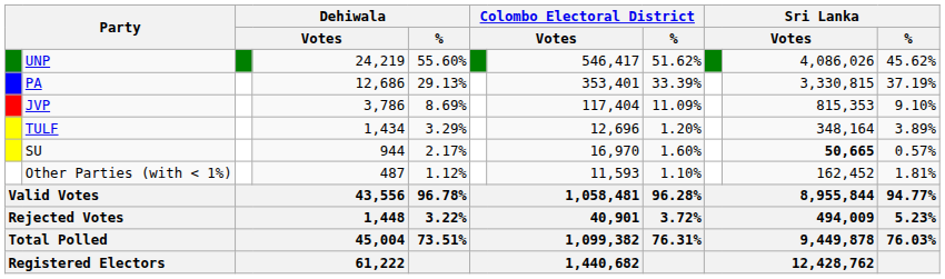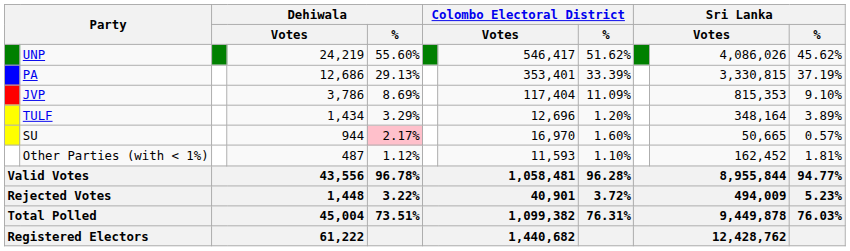 <table class="wikitable">
 <tr>
 <th colspan="2" width="144px"rowspan="2">Party</th>
 <th colspan="3" width="216px">Dehiwala</th>
 <th colspan="3" width="216px"><a href='#'>Colombo Electoral District</a></th>
 <th colspan="3" width="216px">Sri Lanka</th>
 </tr>
 <tr>
 <th colspan="2" width="144px">Votes</th>
 <th>%</th>
 <th colspan="2" width="144px">Votes</th>
 <th>%</th>
 <th colspan="2" width="144px">Votes</th>
 <th>%</th>
 </tr>
 <tr>
 <td style="background-color:green;" width="10px"></td>
 <td style="text-align:left;"><a href='#'>UNP</a></td>
 <td style="background-color:green;" width="10px"></td>
 <td style="text-align:right;">24,219</td>
 <td style="text-align:right;">55.60%</td>
 <td style="background-color:green;" width="10px"></td>
 <td style="text-align:right;">546,417</td>
 <td style="text-align:right;">51.62%</td>
 <td style="background-color:green;" width="10px"></td>
 <td style="text-align:right;">4,086,026</td>
 <td style="text-align:right;">45.62%</td>
 </tr>
 <tr>
 <td style="background-color:blue;" width="10px"></td>
 <td style="text-align:left;"><a href='#'>PA</a></td>
 <td style="background-color:white;" width="10px"></td>
 <td style="text-align:right;">12,686</td>
 <td style="text-align:right;">29.13%</td>
 <td style="background-color:white;" width="10px"></td>
 <td style="text-align:right;">353,401</td>
 <td style="text-align:right;">33.39%</td>
 <td style="background-color:white;" width="10px"></td>
 <td style="text-align:right;">3,330,815</td>
 <td style="text-align:right;">37.19%</td>
 </tr>
 <tr>
 <td style="background-color:red;" width="10px"></td>
 <td style="text-align:left;"><a href='#'>JVP</a></td>
 <td style="background-color:white;" width="10px"></td>
 <td style="text-align:right;">3,786</td>
 <td style="text-align:right;">8.69%</td>
 <td style="background-color:white;" width="10px"></td>
 <td style="text-align:right;">117,404</td>
 <td style="text-align:right;">11.09%</td>
 <td style="background-color:white;" width="10px"></td>
 <td style="text-align:right;">815,353</td>
 <td style="text-align:right;">9.10%</td>
 </tr>
 <tr>
 <td style="background-color:yellow;" width="10px"></td>
 <td style="text-align:left;"><a href='#'>TULF</a></td>
 <td style="background-color:white;" width="10px"></td>
 <td style="text-align:right;">1,434</td>
 <td style="text-align:right;">3.29%</td>
 <td style="background-color:white;" width="10px"></td>
 <td style="text-align:right;">12,696</td>
 <td style="text-align:right;">1.20%</td>
 <td style="background-color:white;" width="10px"></td>
 <td style="text-align:right;">348,164</td>
 <td style="text-align:right;">3.89%</td>
 </tr>
 <tr>
 <td style="background-color:yellow;" width="10px"></td>
 <td style="text-align:left;">SU</td>
 <td style="background-color:white;" width="10px"></td>
 <td style="text-align:right;">944</td>
-<td style="text-align:right;">2.17%</td>
+<td style="background: pink; text-align:right;">2.17%</td>
 <td style="background-color:white;" width="10px"></td>
 <td style="text-align:right;">16,970</td>
 <td style="text-align:right;">1.60%</td>
 <td style="background-color:white;" width="10px"></td>
-<td style="text-align:right;"><strong>50,665</strong></td>
+<td style="text-align:right;">50,665</td>
 <td style="text-align:right;">0.57%</td>
 </tr>
 <tr>
 <td style="background-color:white;" width="10px"></td>
 <td style="text-align:left;">Other Parties (with < 1%)</td>
 <td style="background-color:white;" width="10px"></td>
 <td style="text-align:right;">487</td>
 <td style="text-align:right;">1.12%</td>
 <td style="background-color:white;" width="10px"></td>
 <td style="text-align:right;">11,593</td>
 <td style="text-align:right;">1.10%</td>
 <td style="background-color:white;" width="10px"></td>
 <td style="text-align:right;">162,452</td>
 <td style="text-align:right;">1.81%</td>
 </tr>
 <tr>
 <th colspan="2" width="144px"style="text-align:left;">Valid Votes</th>
 <th style="text-align:right;"colspan="2" width="144px">43,556</th>
 <th style="text-align:right;">96.78%</th>
 <th style="text-align:right;"colspan="2" width="144px">1,058,481</th>
 <th style="text-align:right;">96.28%</th>
 <th style="text-align:right;"colspan="2" width="144px">8,955,844</th>
 <th style="text-align:right;">94.77%</th>
 </tr>
 <tr>
 <th colspan="2" width="144px"style="text-align:left;">Rejected Votes</th>
 <th style="text-align:right;"colspan="2" width="144px">1,448</th>
 <th style="text-align:right;">3.22%</th>
 <th style="text-align:right;"colspan="2" width="144px">40,901</th>
 <th style="text-align:right;">3.72%</th>
 <th style="text-align:right;"colspan="2" width="144px">494,009</th>
 <th style="text-align:right;">5.23%</th>
 </tr>
 <tr>
 <th colspan="2" width="144px"style="text-align:left;">Total Polled</th>
 <th style="text-align:right;"colspan="2" width="144px">45,004</th>
 <th style="text-align:right;">73.51%</th>
 <th style="text-align:right;"colspan="2" width="144px">1,099,382</th>
 <th style="text-align:right;">76.31%</th>
 <th style="text-align:right;"colspan="2" width="144px">9,449,878</th>
 <th style="text-align:right;">76.03%</th>
 </tr>
 <tr>
 <th colspan="2" width="144px"style="text-align:left;">Registered Electors</th>
 <th style="text-align:right;"colspan="2" width="144px">61,222</th>
 <th></th>
 <th style="text-align:right;"colspan="2" width="144px">1,440,682</th>
 <th></th>
 <th style="text-align:right;"colspan="2" width="144px">12,428,762</th>
 <th></th>
 </tr>
 </table>
